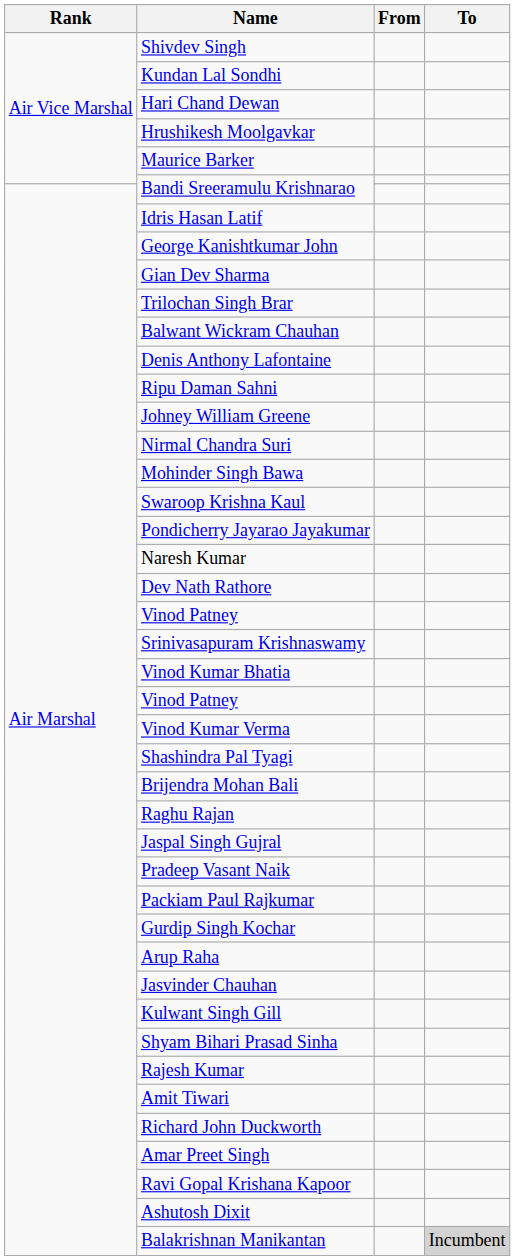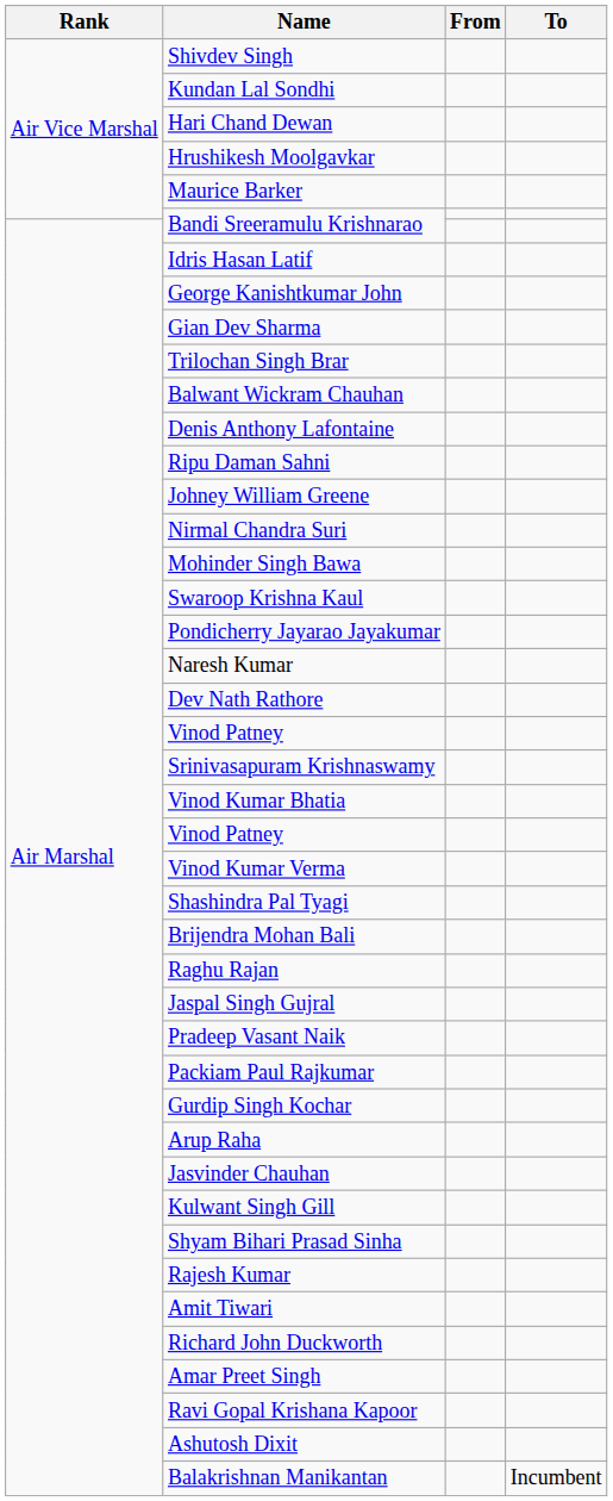 <table class="wikitable sortable">
 <tr>
 <th>Rank</th>
 <th>Name</th>
 <th>From</th>
 <th>To</th>
 </tr>
 <tr>
 <td rowspan="6"><a href='#'>Air Vice Marshal</a></td>
 <td><a href='#'>Shivdev Singh</a></td>
 <td></td>
 <td></td>
 </tr>
 <tr>
 <td><a href='#'>Kundan Lal Sondhi</a></td>
 <td></td>
 <td></td>
 </tr>
 <tr>
 <td><a href='#'>Hari Chand Dewan</a></td>
 <td></td>
 <td></td>
 </tr>
 <tr>
 <td><a href='#'>Hrushikesh Moolgavkar</a></td>
 <td></td>
 <td></td>
 </tr>
 <tr>
 <td><a href='#'>Maurice Barker</a></td>
 <td></td>
 <td></td>
 </tr>
 <tr>
 <td rowspan='2'><a href='#'>Bandi Sreeramulu Krishnarao</a></td>
 <td></td>
 <td></td>
 </tr>
 <tr>
 <td rowspan="38"><a href='#'>Air Marshal</a></td>
 <td></td>
 <td></td>
 </tr>
 <tr>
 <td><a href='#'>Idris Hasan Latif</a></td>
 <td></td>
 <td></td>
 </tr>
 <tr>
 <td><a href='#'>George Kanishtkumar John</a></td>
 <td></td>
 <td></td>
 </tr>
 <tr>
 <td><a href='#'>Gian Dev Sharma</a></td>
 <td></td>
 <td></td>
 </tr>
 <tr>
 <td><a href='#'>Trilochan Singh Brar</a></td>
 <td></td>
 <td></td>
 </tr>
 <tr>
 <td><a href='#'>Balwant Wickram Chauhan</a></td>
 <td></td>
 <td></td>
 </tr>
 <tr>
 <td><a href='#'>Denis Anthony Lafontaine</a></td>
 <td></td>
 <td></td>
 </tr>
 <tr>
 <td><a href='#'>Ripu Daman Sahni</a></td>
 <td></td>
 <td></td>
 </tr>
 <tr>
 <td><a href='#'>Johney William Greene</a></td>
 <td></td>
 <td></td>
 </tr>
 <tr>
 <td><a href='#'>Nirmal Chandra Suri</a></td>
 <td></td>
 <td></td>
 </tr>
 <tr>
 <td><a href='#'>Mohinder Singh Bawa</a></td>
 <td></td>
 <td></td>
 </tr>
 <tr>
 <td><a href='#'>Swaroop Krishna Kaul</a></td>
 <td></td>
 <td></td>
 </tr>
 <tr>
 <td><a href='#'>Pondicherry Jayarao Jayakumar</a></td>
 <td></td>
 <td></td>
 </tr>
 <tr>
 <td>Naresh Kumar</td>
 <td></td>
 <td></td>
 </tr>
 <tr>
 <td><a href='#'>Dev Nath Rathore</a></td>
 <td></td>
 <td></td>
 </tr>
 <tr>
 <td><a href='#'>Vinod Patney</a></td>
 <td></td>
 <td></td>
 </tr>
 <tr>
 <td><a href='#'>Srinivasapuram Krishnaswamy</a></td>
 <td></td>
 <td></td>
 </tr>
 <tr>
 <td><a href='#'>Vinod Kumar Bhatia</a></td>
 <td></td>
 <td></td>
 </tr>
 <tr>
 <td><a href='#'>Vinod Patney</a></td>
 <td></td>
 <td></td>
 </tr>
 <tr>
 <td><a href='#'>Vinod Kumar Verma</a></td>
 <td></td>
 <td></td>
 </tr>
 <tr>
 <td><a href='#'>Shashindra Pal Tyagi</a></td>
 <td></td>
 <td></td>
 </tr>
 <tr>
 <td><a href='#'>Brijendra Mohan Bali</a></td>
 <td></td>
 <td></td>
 </tr>
 <tr>
 <td><a href='#'>Raghu Rajan</a></td>
 <td></td>
 <td></td>
 </tr>
 <tr>
 <td><a href='#'>Jaspal Singh Gujral</a></td>
 <td></td>
 <td></td>
 </tr>
 <tr>
 <td><a href='#'>Pradeep Vasant Naik</a></td>
 <td></td>
 <td></td>
 </tr>
 <tr>
 <td><a href='#'>Packiam Paul Rajkumar</a></td>
 <td></td>
 <td></td>
 </tr>
 <tr>
 <td><a href='#'>Gurdip Singh Kochar</a></td>
 <td></td>
 <td></td>
 </tr>
 <tr>
 <td><a href='#'>Arup Raha</a></td>
 <td></td>
 <td></td>
 </tr>
 <tr>
 <td><a href='#'>Jasvinder Chauhan</a></td>
 <td></td>
 <td></td>
 </tr>
 <tr>
 <td><a href='#'>Kulwant Singh Gill</a></td>
 <td></td>
 <td></td>
 </tr>
 <tr>
 <td><a href='#'>Shyam Bihari Prasad Sinha</a></td>
 <td></td>
 <td></td>
 </tr>
 <tr>
 <td><a href='#'>Rajesh Kumar</a></td>
 <td></td>
 <td></td>
 </tr>
 <tr>
 <td><a href='#'>Amit Tiwari</a></td>
 <td></td>
 <td></td>
 </tr>
 <tr>
 <td><a href='#'>Richard John Duckworth</a></td>
 <td></td>
 <td></td>
 </tr>
 <tr>
 <td><a href='#'>Amar Preet Singh</a></td>
 <td></td>
 <td></td>
 </tr>
 <tr>
 <td><a href='#'>Ravi Gopal Krishana Kapoor</a></td>
 <td></td>
 <td></td>
 </tr>
 <tr>
 <td><a href='#'>Ashutosh Dixit</a></td>
 <td></td>
 <td></td>
 </tr>
 <tr>
 <td><a href='#'>Balakrishnan Manikantan</a></td>
 <td></td>
-<td style="background: lightgrey;">Incumbent</td>
+<td>Incumbent</td>
 </tr>
 </table>
